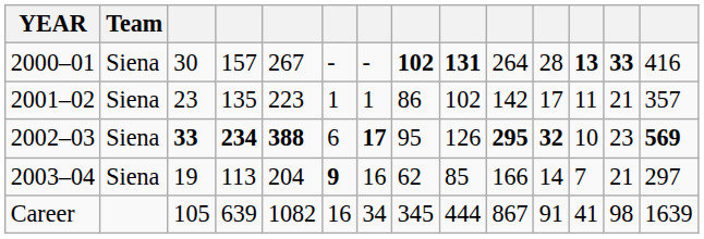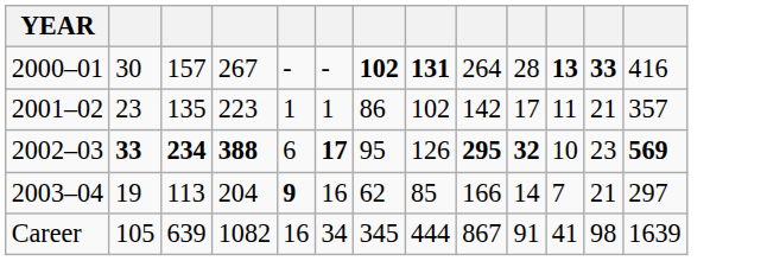 <table class="wikitable">
 <tr>
 <th>YEAR</th>
-<th>Team</th>
 <th scope="col"></th>
 <th scope="col"></th>
 <th scope="col"></th>
 <th scope="col"></th>
 <th scope="col"></th>
 <th scope="col"></th>
 <th scope="col"></th>
 <th scope="col"></th>
 <th scope="col"></th>
 <th scope="col"></th>
 <th scope="col"></th>
 <th scope="col"></th>
 </tr>
 <tr>
 <td>2000–01</td>
-<td>Siena</td>
 <td>30</td>
 <td>157</td>
 <td>267</td>
 <td>-</td>
 <td>-</td>
 <td><strong>102</strong></td>
 <td><strong>131</strong></td>
 <td>264</td>
 <td>28</td>
 <td><strong>13</strong></td>
 <td><strong>33</strong></td>
 <td>416</td>
 </tr>
 <tr>
 <td>2001–02</td>
-<td>Siena</td>
 <td>23</td>
 <td>135</td>
 <td>223</td>
 <td>1</td>
 <td>1</td>
 <td>86</td>
 <td>102</td>
 <td>142</td>
 <td>17</td>
 <td>11</td>
 <td>21</td>
 <td>357</td>
 </tr>
 <tr>
 <td>2002–03</td>
-<td>Siena</td>
 <td><strong>33</strong></td>
 <td><strong>234</strong></td>
 <td><strong>388</strong></td>
 <td>6</td>
 <td><strong>17</strong></td>
 <td>95</td>
 <td>126</td>
 <td><strong>295</strong></td>
 <td><strong>32</strong></td>
 <td>10</td>
 <td>23</td>
 <td><strong>569</strong></td>
 </tr>
 <tr>
 <td>2003–04</td>
-<td>Siena</td>
 <td>19</td>
 <td>113</td>
 <td>204</td>
 <td><strong>9</strong></td>
 <td>16</td>
 <td>62</td>
 <td>85</td>
 <td>166</td>
 <td>14</td>
 <td>7</td>
 <td>21</td>
 <td>297</td>
 </tr>
 <tr>
 <td>Career</td>
-<td></td>
 <td>105</td>
 <td>639</td>
 <td>1082</td>
 <td>16</td>
 <td>34</td>
 <td>345</td>
 <td>444</td>
 <td>867</td>
 <td>91</td>
 <td>41</td>
 <td>98</td>
 <td>1639</td>
 </tr>
 </table>
